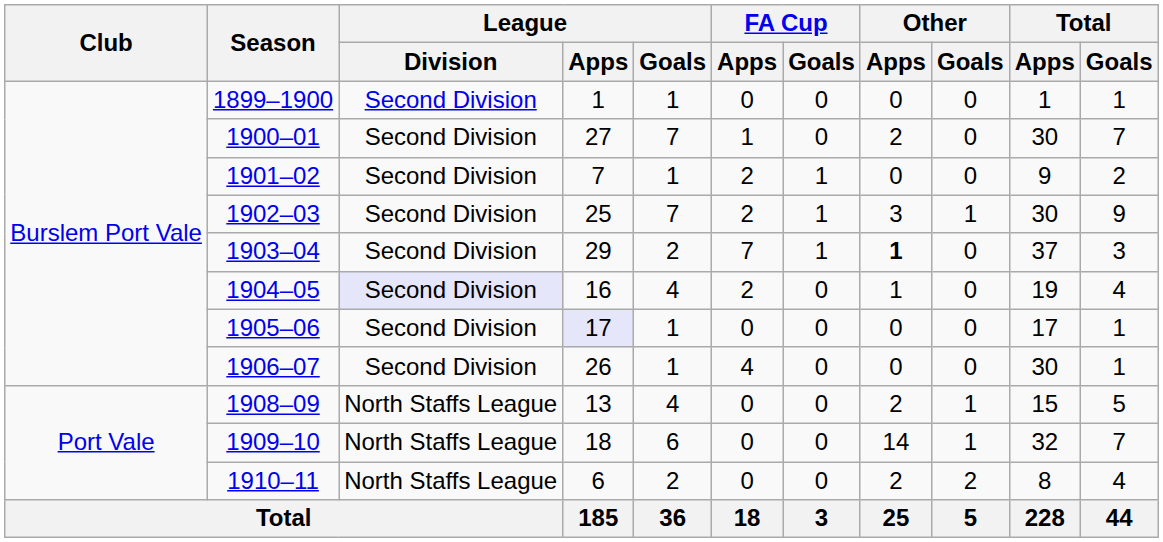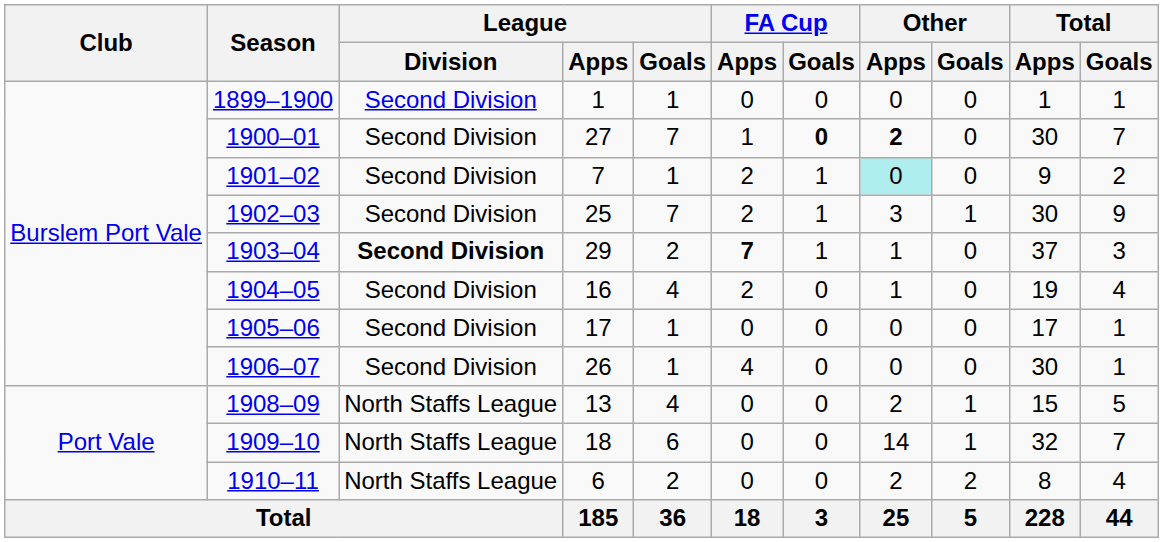 <table class="wikitable" style="text-align:center">
 <tr>
 <th rowspan="2">Club</th>
 <th rowspan="2">Season</th>
 <th colspan="3">League</th>
 <th colspan="2"><a href='#'>FA Cup</a></th>
 <th colspan="2">Other</th>
 <th colspan="2">Total</th>
 </tr>
 <tr>
 <th>Division</th>
 <th>Apps</th>
 <th>Goals</th>
 <th>Apps</th>
 <th>Goals</th>
 <th>Apps</th>
 <th>Goals</th>
 <th>Apps</th>
 <th>Goals</th>
 </tr>
 <tr>
 <td rowspan="8"><a href='#'>Burslem Port Vale</a></td>
 <td><a href='#'>1899–1900</a></td>
 <td><a href='#'>Second Division</a></td>
 <td>1</td>
 <td>1</td>
 <td>0</td>
 <td>0</td>
 <td>0</td>
 <td>0</td>
 <td>1</td>
 <td>1</td>
 </tr>
 <tr>
 <td><a href='#'>1900–01</a></td>
 <td>Second Division</td>
 <td>27</td>
 <td>7</td>
 <td>1</td>
-<td>0</td>
-<td>2</td>
+<td><strong>0</strong></td>
+<td><strong>2</strong></td>
 <td>0</td>
 <td>30</td>
 <td>7</td>
 </tr>
 <tr>
 <td><a href='#'>1901–02</a></td>
 <td>Second Division</td>
 <td>7</td>
 <td>1</td>
 <td>2</td>
 <td>1</td>
-<td>0</td>
+<td style="background: paleturquoise;">0</td>
 <td>0</td>
 <td>9</td>
 <td>2</td>
 </tr>
 <tr>
 <td><a href='#'>1902–03</a></td>
 <td>Second Division</td>
 <td>25</td>
 <td>7</td>
 <td>2</td>
 <td>1</td>
 <td>3</td>
 <td>1</td>
 <td>30</td>
 <td>9</td>
 </tr>
 <tr>
 <td><a href='#'>1903–04</a></td>
-<td>Second Division</td>
+<td><strong>Second Division</strong></td>
 <td>29</td>
 <td>2</td>
-<td>7</td>
+<td><strong>7</strong></td>
 <td>1</td>
-<td><strong>1</strong></td>
+<td>1</td>
 <td>0</td>
 <td>37</td>
 <td>3</td>
 </tr>
 <tr>
 <td><a href='#'>1904–05</a></td>
-<td style="background: lavender;">Second Division</td>
+<td>Second Division</td>
 <td>16</td>
 <td>4</td>
 <td>2</td>
 <td>0</td>
 <td>1</td>
 <td>0</td>
 <td>19</td>
 <td>4</td>
 </tr>
 <tr>
 <td><a href='#'>1905–06</a></td>
 <td>Second Division</td>
-<td style="background: lavender;">17</td>
+<td>17</td>
 <td>1</td>
 <td>0</td>
 <td>0</td>
 <td>0</td>
 <td>0</td>
 <td>17</td>
 <td>1</td>
 </tr>
 <tr>
 <td><a href='#'>1906–07</a></td>
 <td>Second Division</td>
 <td>26</td>
 <td>1</td>
 <td>4</td>
 <td>0</td>
 <td>0</td>
 <td>0</td>
 <td>30</td>
 <td>1</td>
 </tr>
 <tr>
 <td rowspan="3"><a href='#'>Port Vale</a></td>
 <td><a href='#'>1908–09</a></td>
 <td>North Staffs League</td>
 <td>13</td>
 <td>4</td>
 <td>0</td>
 <td>0</td>
 <td>2</td>
 <td>1</td>
 <td>15</td>
 <td>5</td>
 </tr>
 <tr>
 <td><a href='#'>1909–10</a></td>
 <td>North Staffs League</td>
 <td>18</td>
 <td>6</td>
 <td>0</td>
 <td>0</td>
 <td>14</td>
 <td>1</td>
 <td>32</td>
 <td>7</td>
 </tr>
 <tr>
 <td><a href='#'>1910–11</a></td>
 <td>North Staffs League</td>
 <td>6</td>
 <td>2</td>
 <td>0</td>
 <td>0</td>
 <td>2</td>
 <td>2</td>
 <td>8</td>
 <td>4</td>
 </tr>
 <tr>
 <th colspan="3">Total</th>
 <th>185</th>
 <th>36</th>
 <th>18</th>
 <th>3</th>
 <th>25</th>
 <th>5</th>
 <th>228</th>
 <th>44</th>
 </tr>
 </table>
